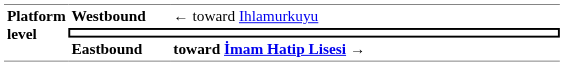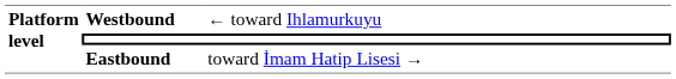 <table cellpadding="3" cellspacing="0" border="0">
 <tr>
 <td width="50" style="border-top-color: gray; border-bottom-color: gray; border-top-width: 1px; border-bottom-width: 1px; border-top-style: solid; border-bottom-style: solid;" valign="top" rowspan="3"><strong>Platform level</strong></td>
 <td width="100" style="border-top-color: gray; border-top-width: 1px; border-top-style: solid;"><strong>Westbound</strong></td>
 <td width="400" style="border-top-color: gray; border-top-width: 1px; border-top-style: solid;">←  toward <a href='#'>Ihlamurkuyu</a></td>
 </tr>
 <tr>
 <td style="border: 2px solid black; border-image: none; text-align: center;" colspan="2"></td>
 </tr>
 <tr>
 <td style="border-bottom-color: gray; border-bottom-width: 1px; border-bottom-style: solid;"><strong>Eastbound</strong></td>
-<td style="border-bottom-color: gray; border-bottom-width: 1px; border-bottom-style: solid;"><strong> toward <a href='#'>İmam Hatip Lisesi</a> →</strong></td>
+<td style="border-bottom-color: gray; border-bottom-width: 1px; border-bottom-style: solid;"> toward <a href='#'>İmam Hatip Lisesi</a> →</td>
 </tr>
 </table>
